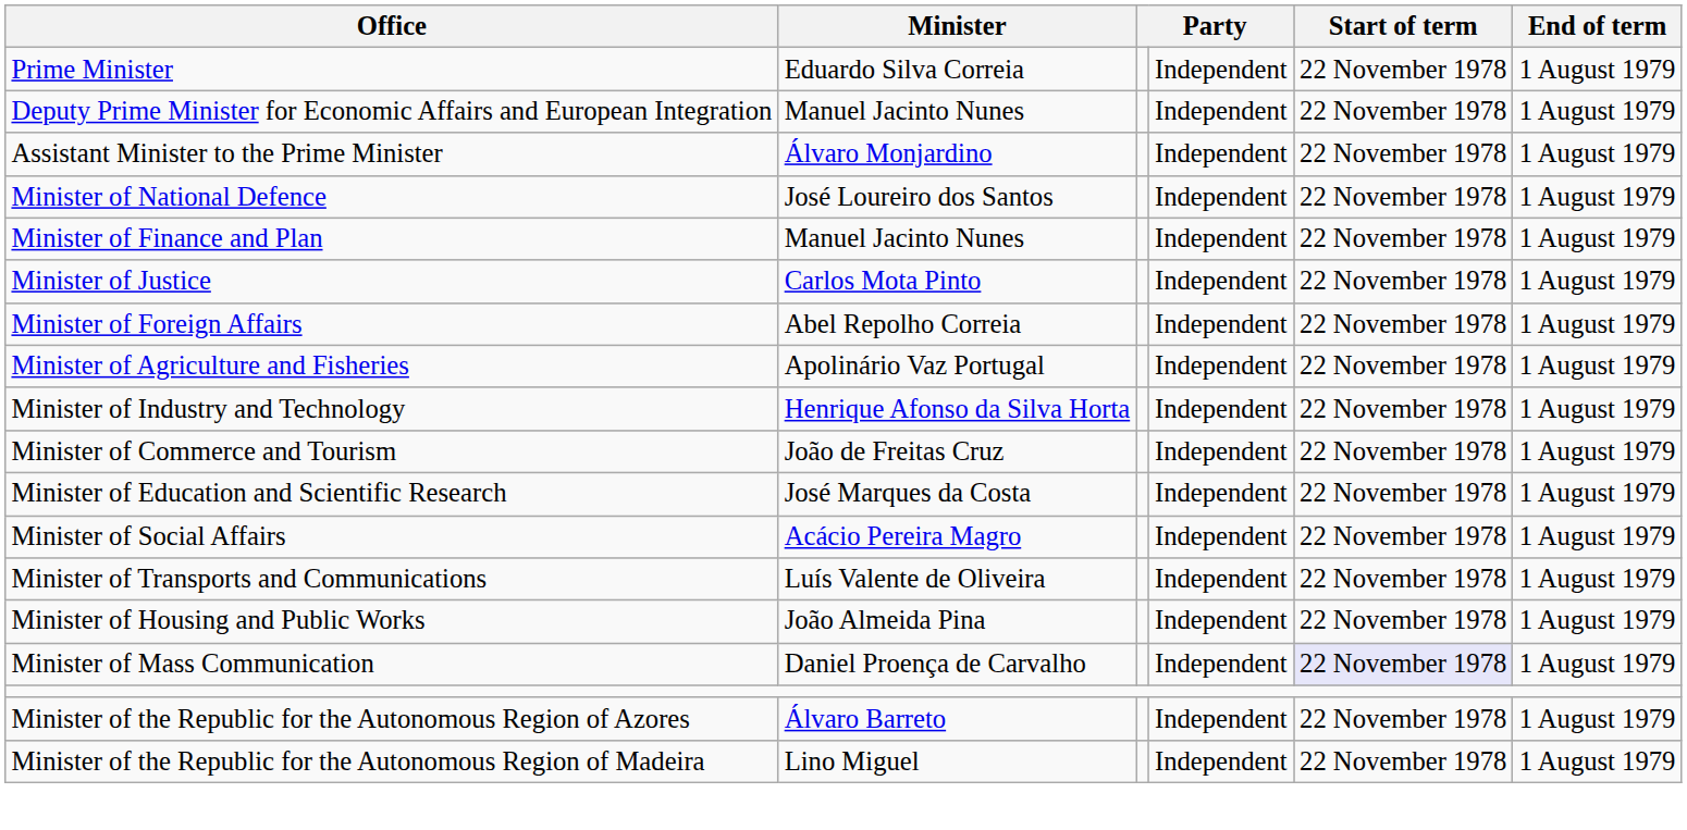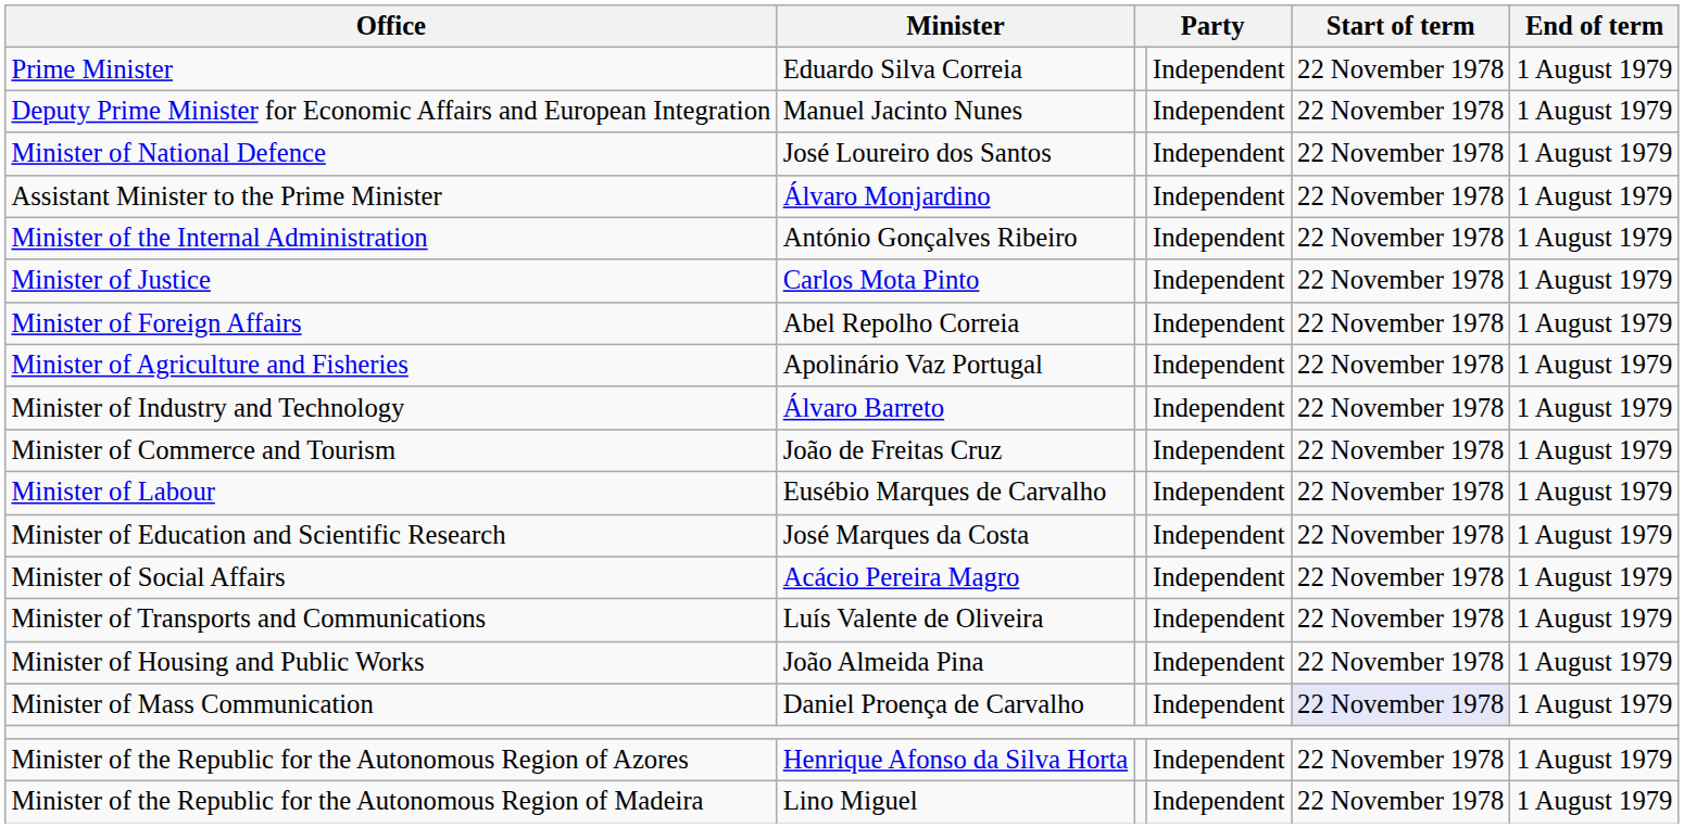 <table class="wikitable">
 <tr>
 <th>Office</th>
 <th>Minister</th>
 <th colspan="2">Party</th>
 <th>Start of term</th>
 <th>End of term</th>
 </tr>
 <tr>
 <td><a href='#'>Prime Minister</a></td>
 <td>Eduardo Silva Correia</td>
 <td style="background:"></td>
 <td>Independent</td>
 <td>22 November 1978</td>
 <td>1 August 1979</td>
 </tr>
 <tr>
 <td><a href='#'>Deputy Prime Minister</a> for Economic Affairs and European Integration</td>
 <td>Manuel Jacinto Nunes</td>
 <td style="background:"></td>
 <td>Independent</td>
 <td>22 November 1978</td>
 <td>1 August 1979</td>
 </tr>
 <tr>
+<td><a href='#'>Minister of National Defence</a></td>
+<td>José Loureiro dos Santos</td>
+<td style="background:"></td>
+<td>Independent</td>
+<td>22 November 1978</td>
+<td>1 August 1979</td>
+</tr>
+<tr>
 <td>Assistant Minister to the Prime Minister</td>
 <td><a href='#'>Álvaro Monjardino</a></td>
 <td style="background:"></td>
 <td>Independent</td>
 <td>22 November 1978</td>
 <td>1 August 1979</td>
 </tr>
 <tr>
-<td><a href='#'>Minister of National Defence</a></td>
-<td>José Loureiro dos Santos</td>
-<td style="background:"></td>
-<td>Independent</td>
-<td>22 November 1978</td>
-<td>1 August 1979</td>
-</tr>
-<tr>
-<td><a href='#'>Minister of Finance and Plan</a></td>
-<td>Manuel Jacinto Nunes</td>
+<td><a href='#'>Minister of the Internal Administration</a></td>
+<td>António Gonçalves Ribeiro</td>
 <td style="background:"></td>
 <td>Independent</td>
 <td>22 November 1978</td>
 <td>1 August 1979</td>
 </tr>
 <tr>
 <td><a href='#'>Minister of Justice</a></td>
 <td><a href='#'>Carlos Mota Pinto</a></td>
 <td style="background:"></td>
 <td>Independent</td>
 <td>22 November 1978</td>
 <td>1 August 1979</td>
 </tr>
 <tr>
 <td><a href='#'>Minister of Foreign Affairs</a></td>
 <td>Abel Repolho Correia</td>
 <td style="background:"></td>
 <td>Independent</td>
 <td>22 November 1978</td>
 <td>1 August 1979</td>
 </tr>
 <tr>
 <td><a href='#'>Minister of Agriculture and Fisheries</a></td>
 <td>Apolinário Vaz Portugal</td>
 <td style="background:"></td>
 <td>Independent</td>
 <td>22 November 1978</td>
 <td>1 August 1979</td>
 </tr>
 <tr>
 <td>Minister of Industry and Technology</td>
-<td><a href='#'>Henrique Afonso da Silva Horta</a></td>
+<td><a href='#'>Álvaro Barreto</a></td>
 <td style="background:"></td>
 <td>Independent</td>
 <td>22 November 1978</td>
 <td>1 August 1979</td>
 </tr>
 <tr>
 <td>Minister of Commerce and Tourism</td>
 <td>João de Freitas Cruz</td>
+<td style="background:"></td>
+<td>Independent</td>
+<td>22 November 1978</td>
+<td>1 August 1979</td>
+</tr>
+<tr>
+<td><a href='#'>Minister of Labour</a></td>
+<td>Eusébio Marques de Carvalho</td>
 <td style="background:"></td>
 <td>Independent</td>
 <td>22 November 1978</td>
 <td>1 August 1979</td>
 </tr>
 <tr>
 <td>Minister of Education and Scientific Research</td>
 <td>José Marques da Costa</td>
 <td style="background:"></td>
 <td>Independent</td>
 <td>22 November 1978</td>
 <td>1 August 1979</td>
 </tr>
 <tr>
 <td>Minister of Social Affairs</td>
 <td><a href='#'>Acácio Pereira Magro</a></td>
 <td style="background:"></td>
 <td>Independent</td>
 <td>22 November 1978</td>
 <td>1 August 1979</td>
 </tr>
 <tr>
 <td>Minister of Transports and Communications</td>
 <td>Luís Valente de Oliveira</td>
 <td style="background:"></td>
 <td>Independent</td>
 <td>22 November 1978</td>
 <td>1 August 1979</td>
 </tr>
 <tr>
 <td>Minister of Housing and Public Works</td>
 <td>João Almeida Pina</td>
 <td style="background:"></td>
 <td>Independent</td>
 <td>22 November 1978</td>
 <td>1 August 1979</td>
 </tr>
 <tr>
 <td>Minister of Mass Communication</td>
 <td>Daniel Proença de Carvalho</td>
 <td style="background:"></td>
 <td>Independent</td>
 <td style="background: lavender;">22 November 1978</td>
 <td>1 August 1979</td>
 </tr>
 <tr>
 <td colspan="6"></td>
 </tr>
 <tr>
 <td>Minister of the Republic for the Autonomous Region of Azores</td>
-<td><a href='#'>Álvaro Barreto</a></td>
+<td><a href='#'>Henrique Afonso da Silva Horta</a></td>
 <td style="background:"></td>
 <td>Independent</td>
 <td>22 November 1978</td>
 <td>1 August 1979</td>
 </tr>
 <tr>
 <td>Minister of the Republic for the Autonomous Region of Madeira</td>
 <td>Lino Miguel</td>
 <td style="background:"></td>
 <td>Independent</td>
 <td>22 November 1978</td>
 <td>1 August 1979</td>
 </tr>
 </table>
